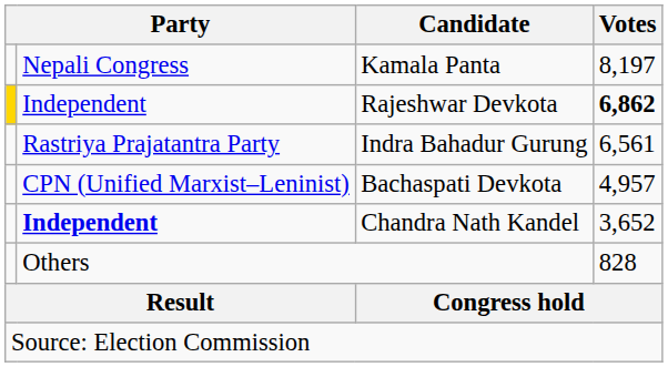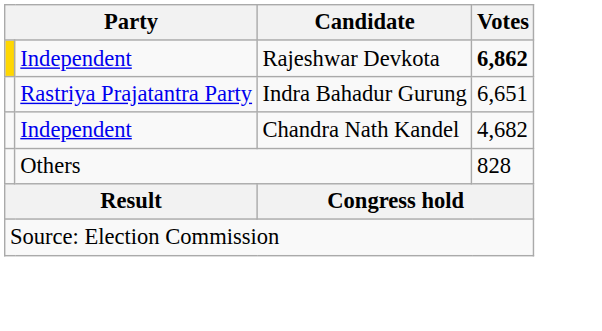 <table class="wikitable">
 <tr>
 <th colspan="2">Party</th>
 <th>Candidate</th>
 <th>Votes</th>
-</tr>
-<tr>
-<td style="background-color:"></td>
-<td><a href='#'>Nepali Congress</a></td>
-<td>Kamala Panta</td>
-<td>8,197</td>
 </tr>
 <tr>
 <td style="background-color:gold"></td>
 <td><a href='#'>Independent</a></td>
 <td>Rajeshwar Devkota</td>
 <td><strong>6,862</strong></td>
 </tr>
 <tr>
 <td style="background-color:"></td>
 <td><a href='#'>Rastriya Prajatantra Party</a></td>
 <td>Indra Bahadur Gurung</td>
-<td>6,561</td>
+<td>6,651</td>
 </tr>
 <tr>
 <td style="background-color:"></td>
-<td><a href='#'>CPN (Unified Marxist–Leninist)</a></td>
-<td>Bachaspati Devkota</td>
-<td>4,957</td>
-</tr>
-<tr>
-<td style="background-color:"></td>
-<td><strong><a href='#'>Independent</a></strong></td>
+<td><a href='#'>Independent</a></td>
 <td>Chandra Nath Kandel</td>
-<td>3,652</td>
+<td>4,682</td>
 </tr>
 <tr>
 <td></td>
 <td colspan="2">Others</td>
 <td>828</td>
 </tr>
 <tr>
 <th colspan="2">Result</th>
 <th colspan="2">Congress hold</th>
 </tr>
 <tr>
 <td colspan="4">Source: Election Commission</td>
 </tr>
 </table>
